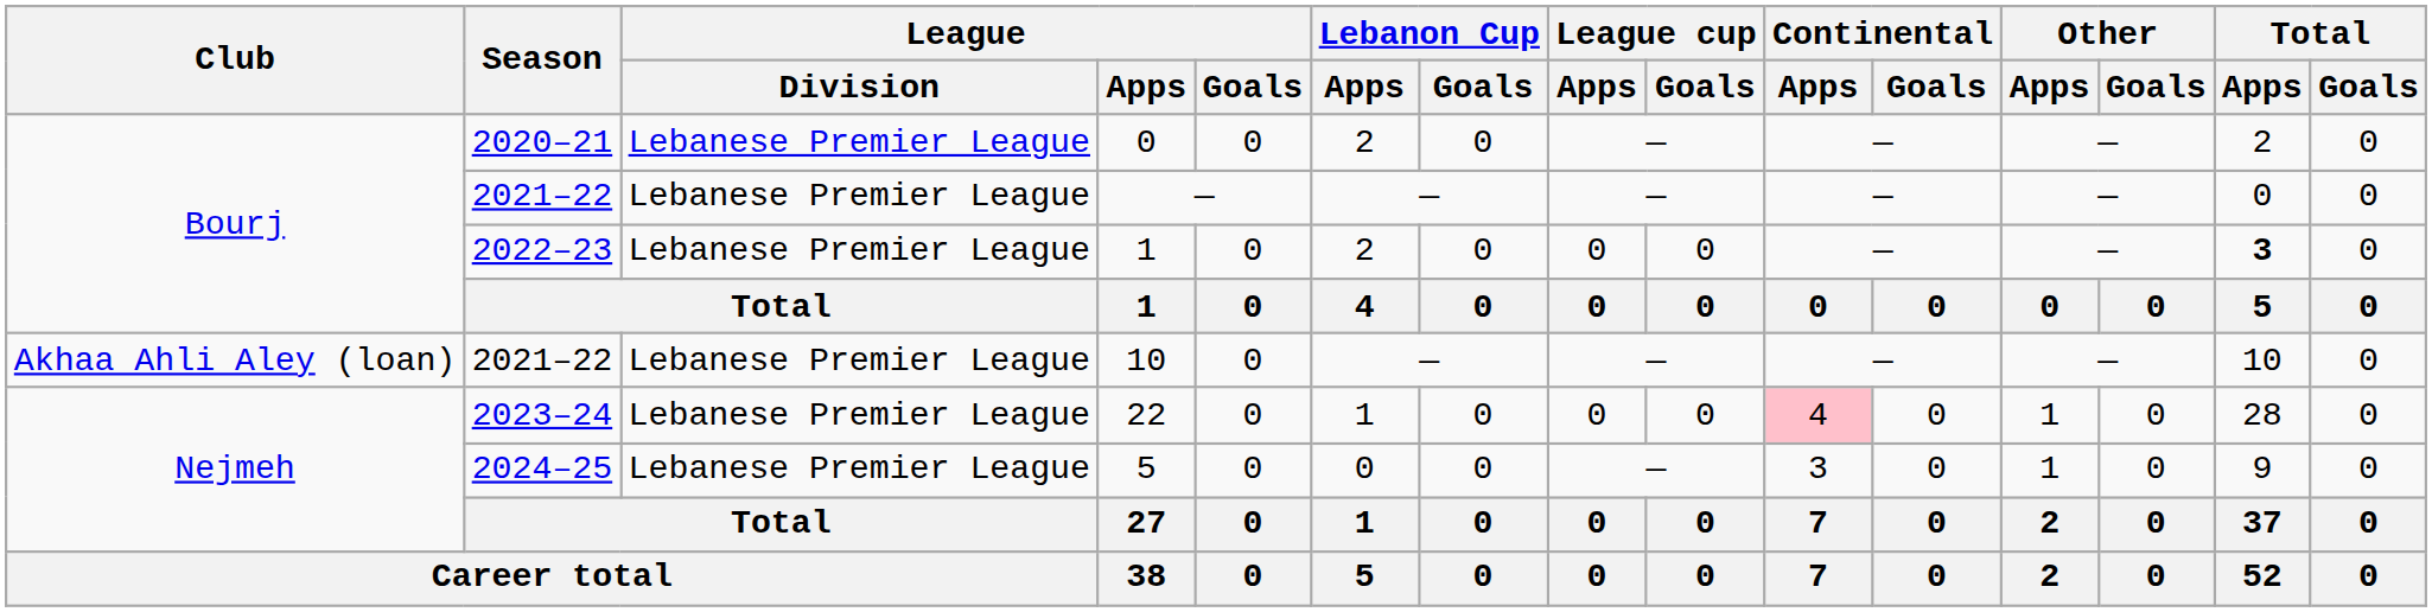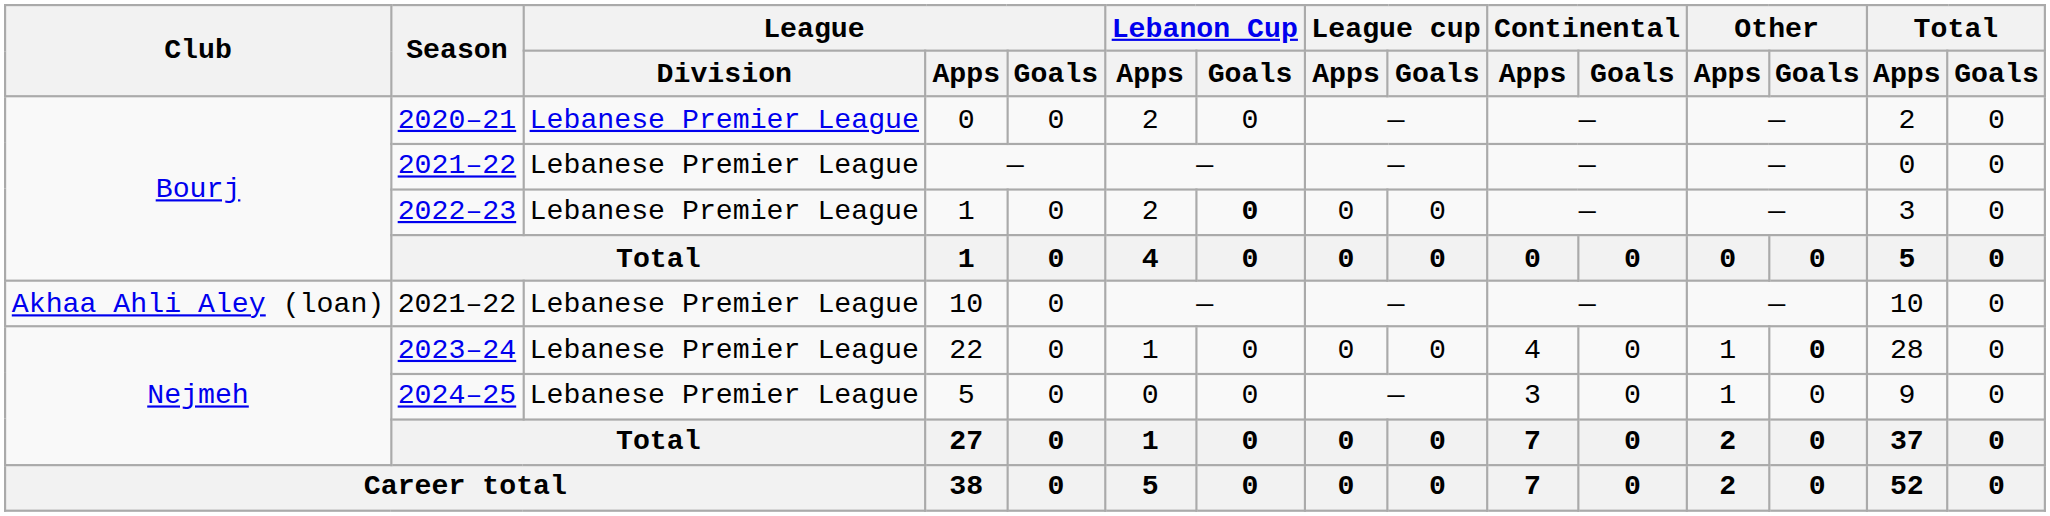 <table class="wikitable" style="text-align:center">
 <tr>
 <th rowspan="2">Club</th>
 <th rowspan="2">Season</th>
 <th colspan="3">League</th>
 <th colspan="2"><a href='#'>Lebanon Cup</a></th>
 <th colspan="2">League cup</th>
 <th colspan="2">Continental</th>
 <th colspan="2">Other</th>
 <th colspan="2">Total</th>
 </tr>
 <tr>
 <th>Division</th>
 <th>Apps</th>
 <th>Goals</th>
 <th>Apps</th>
 <th>Goals</th>
 <th>Apps</th>
 <th>Goals</th>
 <th>Apps</th>
 <th>Goals</th>
 <th>Apps</th>
 <th>Goals</th>
 <th>Apps</th>
 <th>Goals</th>
 </tr>
 <tr>
 <td rowspan="4"><a href='#'>Bourj</a></td>
 <td><a href='#'>2020–21</a></td>
 <td><a href='#'>Lebanese Premier League</a></td>
 <td>0</td>
 <td>0</td>
 <td>2</td>
 <td>0</td>
 <td colspan="2">—</td>
 <td colspan="2">—</td>
 <td colspan="2">—</td>
 <td>2</td>
 <td>0</td>
 </tr>
 <tr>
 <td><a href='#'>2021–22</a></td>
 <td>Lebanese Premier League</td>
 <td colspan="2">—</td>
 <td colspan="2">—</td>
 <td colspan="2">—</td>
 <td colspan="2">—</td>
 <td colspan="2">—</td>
 <td>0</td>
 <td>0</td>
 </tr>
 <tr>
 <td><a href='#'>2022–23</a></td>
 <td>Lebanese Premier League</td>
 <td>1</td>
 <td>0</td>
 <td>2</td>
-<td>0</td>
+<td><strong>0</strong></td>
 <td>0</td>
 <td>0</td>
 <td colspan="2">—</td>
 <td colspan="2">—</td>
-<td><strong>3</strong></td>
+<td>3</td>
 <td>0</td>
 </tr>
 <tr>
 <th colspan="2">Total</th>
 <th>1</th>
 <th>0</th>
 <th>4</th>
 <th>0</th>
 <th>0</th>
 <th>0</th>
 <th>0</th>
 <th>0</th>
 <th>0</th>
 <th>0</th>
 <th>5</th>
 <th>0</th>
 </tr>
 <tr>
 <td><a href='#'>Akhaa Ahli Aley</a> (loan)</td>
 <td>2021–22</td>
 <td>Lebanese Premier League</td>
 <td>10</td>
 <td>0</td>
 <td colspan="2">—</td>
 <td colspan="2">—</td>
 <td colspan="2">—</td>
 <td colspan="2">—</td>
 <td>10</td>
 <td>0</td>
 </tr>
 <tr>
 <td rowspan="3"><a href='#'>Nejmeh</a></td>
 <td><a href='#'>2023–24</a></td>
 <td>Lebanese Premier League</td>
 <td>22</td>
 <td>0</td>
 <td>1</td>
 <td>0</td>
 <td>0</td>
 <td>0</td>
-<td style="background: pink;">4</td>
+<td>4</td>
 <td>0</td>
 <td>1</td>
-<td>0</td>
+<td><strong>0</strong></td>
 <td>28</td>
 <td>0</td>
 </tr>
 <tr>
 <td><a href='#'>2024–25</a></td>
 <td>Lebanese Premier League</td>
 <td>5</td>
 <td>0</td>
 <td>0</td>
 <td>0</td>
 <td colspan="2">—</td>
 <td>3</td>
 <td>0</td>
 <td>1</td>
 <td>0</td>
 <td>9</td>
 <td>0</td>
 </tr>
 <tr>
 <th colspan="2">Total</th>
 <th>27</th>
 <th>0</th>
 <th>1</th>
 <th>0</th>
 <th>0</th>
 <th>0</th>
 <th>7</th>
 <th>0</th>
 <th>2</th>
 <th>0</th>
 <th>37</th>
 <th>0</th>
 </tr>
 <tr>
 <th colspan="3">Career total</th>
 <th>38</th>
 <th>0</th>
 <th>5</th>
 <th>0</th>
 <th>0</th>
 <th>0</th>
 <th>7</th>
 <th>0</th>
 <th>2</th>
 <th>0</th>
 <th>52</th>
 <th>0</th>
 </tr>
 </table>
